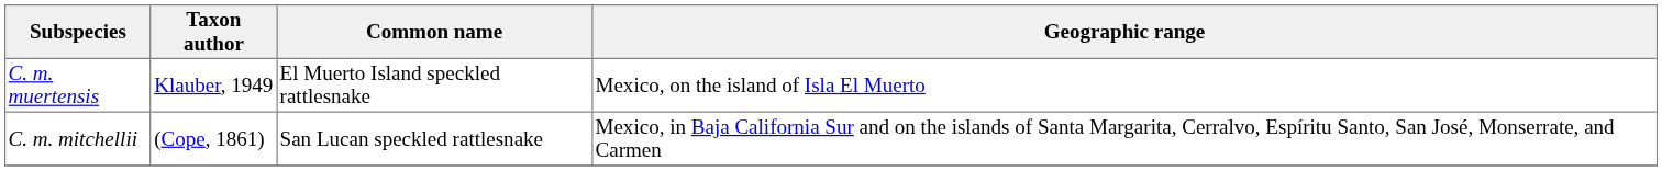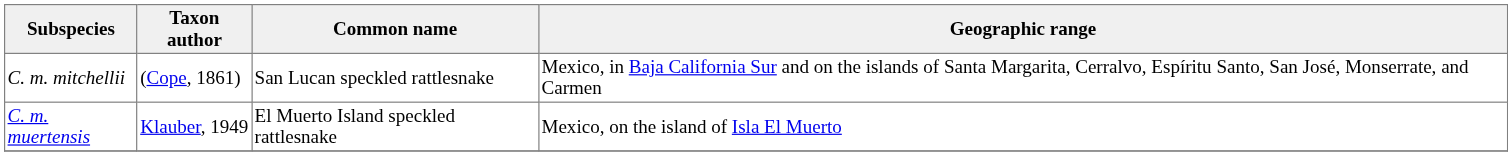 <table cellspacing=0 cellpadding=2 border=1 style="border-collapse: collapse;">
 <tr>
 <th bgcolor="#f0f0f0">Subspecies</th>
 <th bgcolor="#f0f0f0">Taxon author</th>
 <th bgcolor="#f0f0f0">Common name</th>
 <th bgcolor="#f0f0f0">Geographic range</th>
 </tr>
 <tr>
+<td><em>C. m. mitchellii</em></td>
+<td>(<a href='#'>Cope</a>, 1861)</td>
+<td>San Lucan speckled rattlesnake</td>
+<td>Mexico, in <a href='#'>Baja California Sur</a> and on the islands of Santa Margarita, Cerralvo, Espíritu Santo, San José, Monserrate, and Carmen</td>
+</tr>
+<tr>
 <td><em><a href='#'>C. m. muertensis</a></em></td>
 <td><a href='#'>Klauber</a>, 1949</td>
 <td>El Muerto Island speckled rattlesnake</td>
 <td>Mexico, on the island of <a href='#'>Isla El Muerto</a></td>
 </tr>
 <tr>
-<td><em>C. m. mitchellii</em></td>
-<td>(<a href='#'>Cope</a>, 1861)</td>
-<td>San Lucan speckled rattlesnake</td>
-<td>Mexico, in <a href='#'>Baja California Sur</a> and on the islands of Santa Margarita, Cerralvo, Espíritu Santo, San José, Monserrate, and Carmen</td>
-</tr>
-<tr>
 </tr>
 </table>
